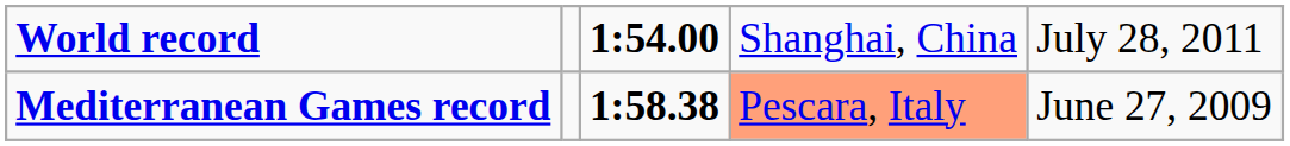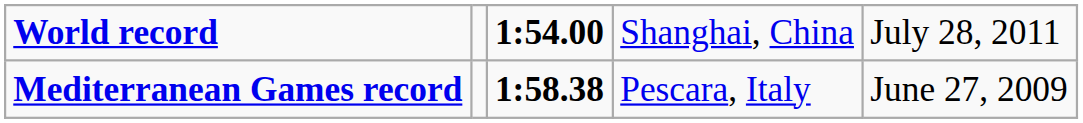 <table class="wikitable">
 <tr>
 <td><strong><a href='#'>World record</a></strong></td>
 <td></td>
 <td><strong>1:54.00</strong></td>
 <td><a href='#'>Shanghai</a>, <a href='#'>China</a></td>
 <td>July 28, 2011</td>
 </tr>
 <tr>
 <td><strong><a href='#'>Mediterranean Games record</a></strong></td>
 <td></td>
 <td><strong>1:58.38</strong></td>
-<td style="background: lightsalmon;"><a href='#'>Pescara</a>, <a href='#'>Italy</a></td>
+<td><a href='#'>Pescara</a>, <a href='#'>Italy</a></td>
 <td>June 27, 2009</td>
 </tr>
 </table>
